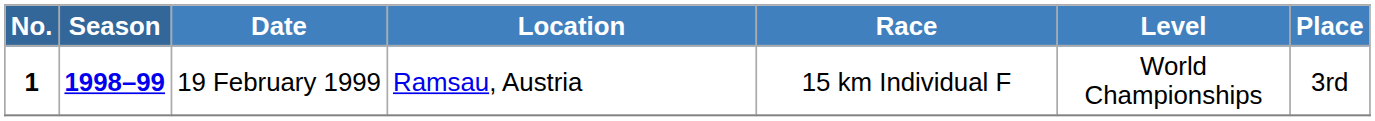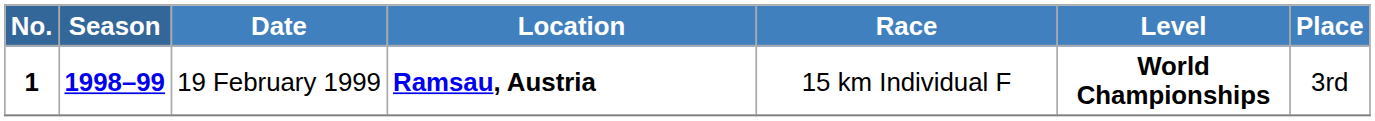 <table class="wikitable sortable" style="font-size:95%; text-align:center; border:grey solid 1px; border-collapse:collapse; background:#ffffff;">
 <tr style="background:#efefef;">
 <th style="background-color:#369; color:white;">No.</th>
 <th style="background-color:#369; color:white;">Season</th>
 <th style="background-color:#4180be; color:white; width:120px;">Date</th>
 <th style="background-color:#4180be; color:white; width:210px;">Location</th>
 <th style="background-color:#4180be; color:white; width:170px;">Race</th>
 <th style="background-color:#4180be; color:white; width:130px;">Level</th>
 <th style="background-color:#4180be; color:white;">Place</th>
 </tr>
 <tr>
 <td align=center><strong>1</strong></td>
 <td rowspan=1 align=center><strong><a href='#'>1998–99</a></strong></td>
 <td align=right>19 February 1999</td>
-<td align=left> <a href='#'>Ramsau</a>, Austria</td>
+<td align=left><strong> <a href='#'>Ramsau</a>, Austria</strong></td>
 <td>15 km Individual F</td>
-<td>World Championships</td>
+<td><strong>World Championships</strong></td>
 <td>3rd</td>
 </tr>
 <tr>
 </tr>
 </table>
